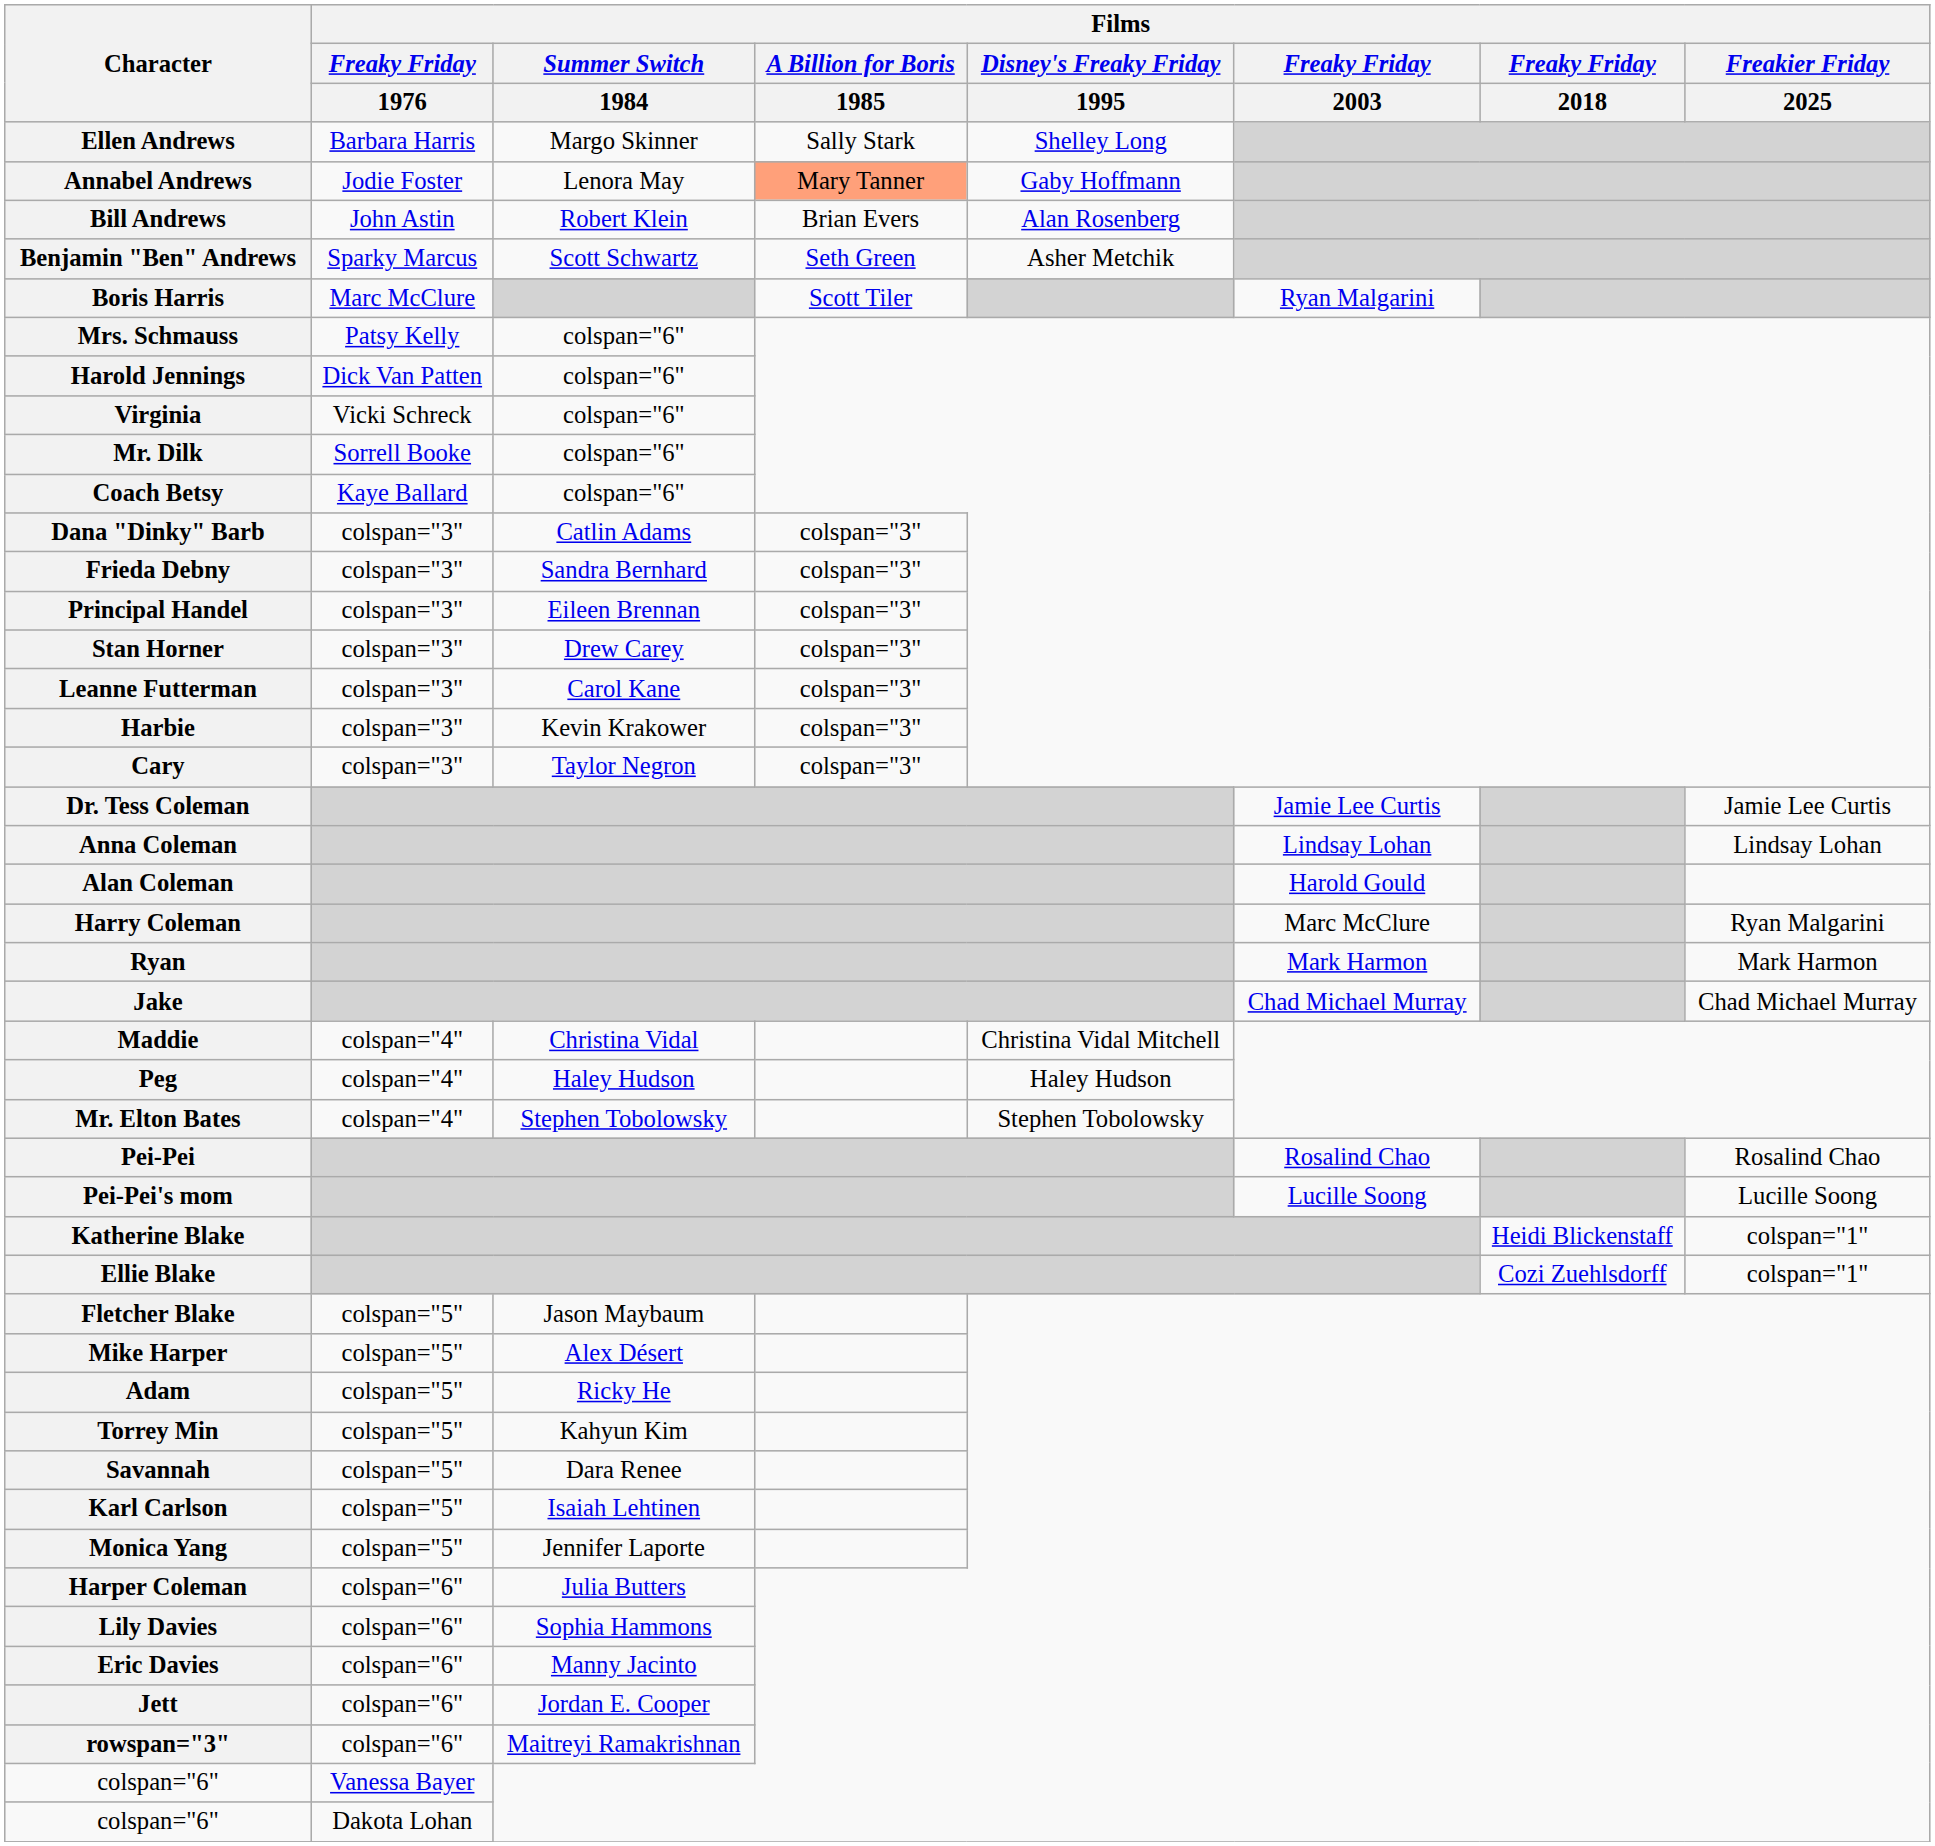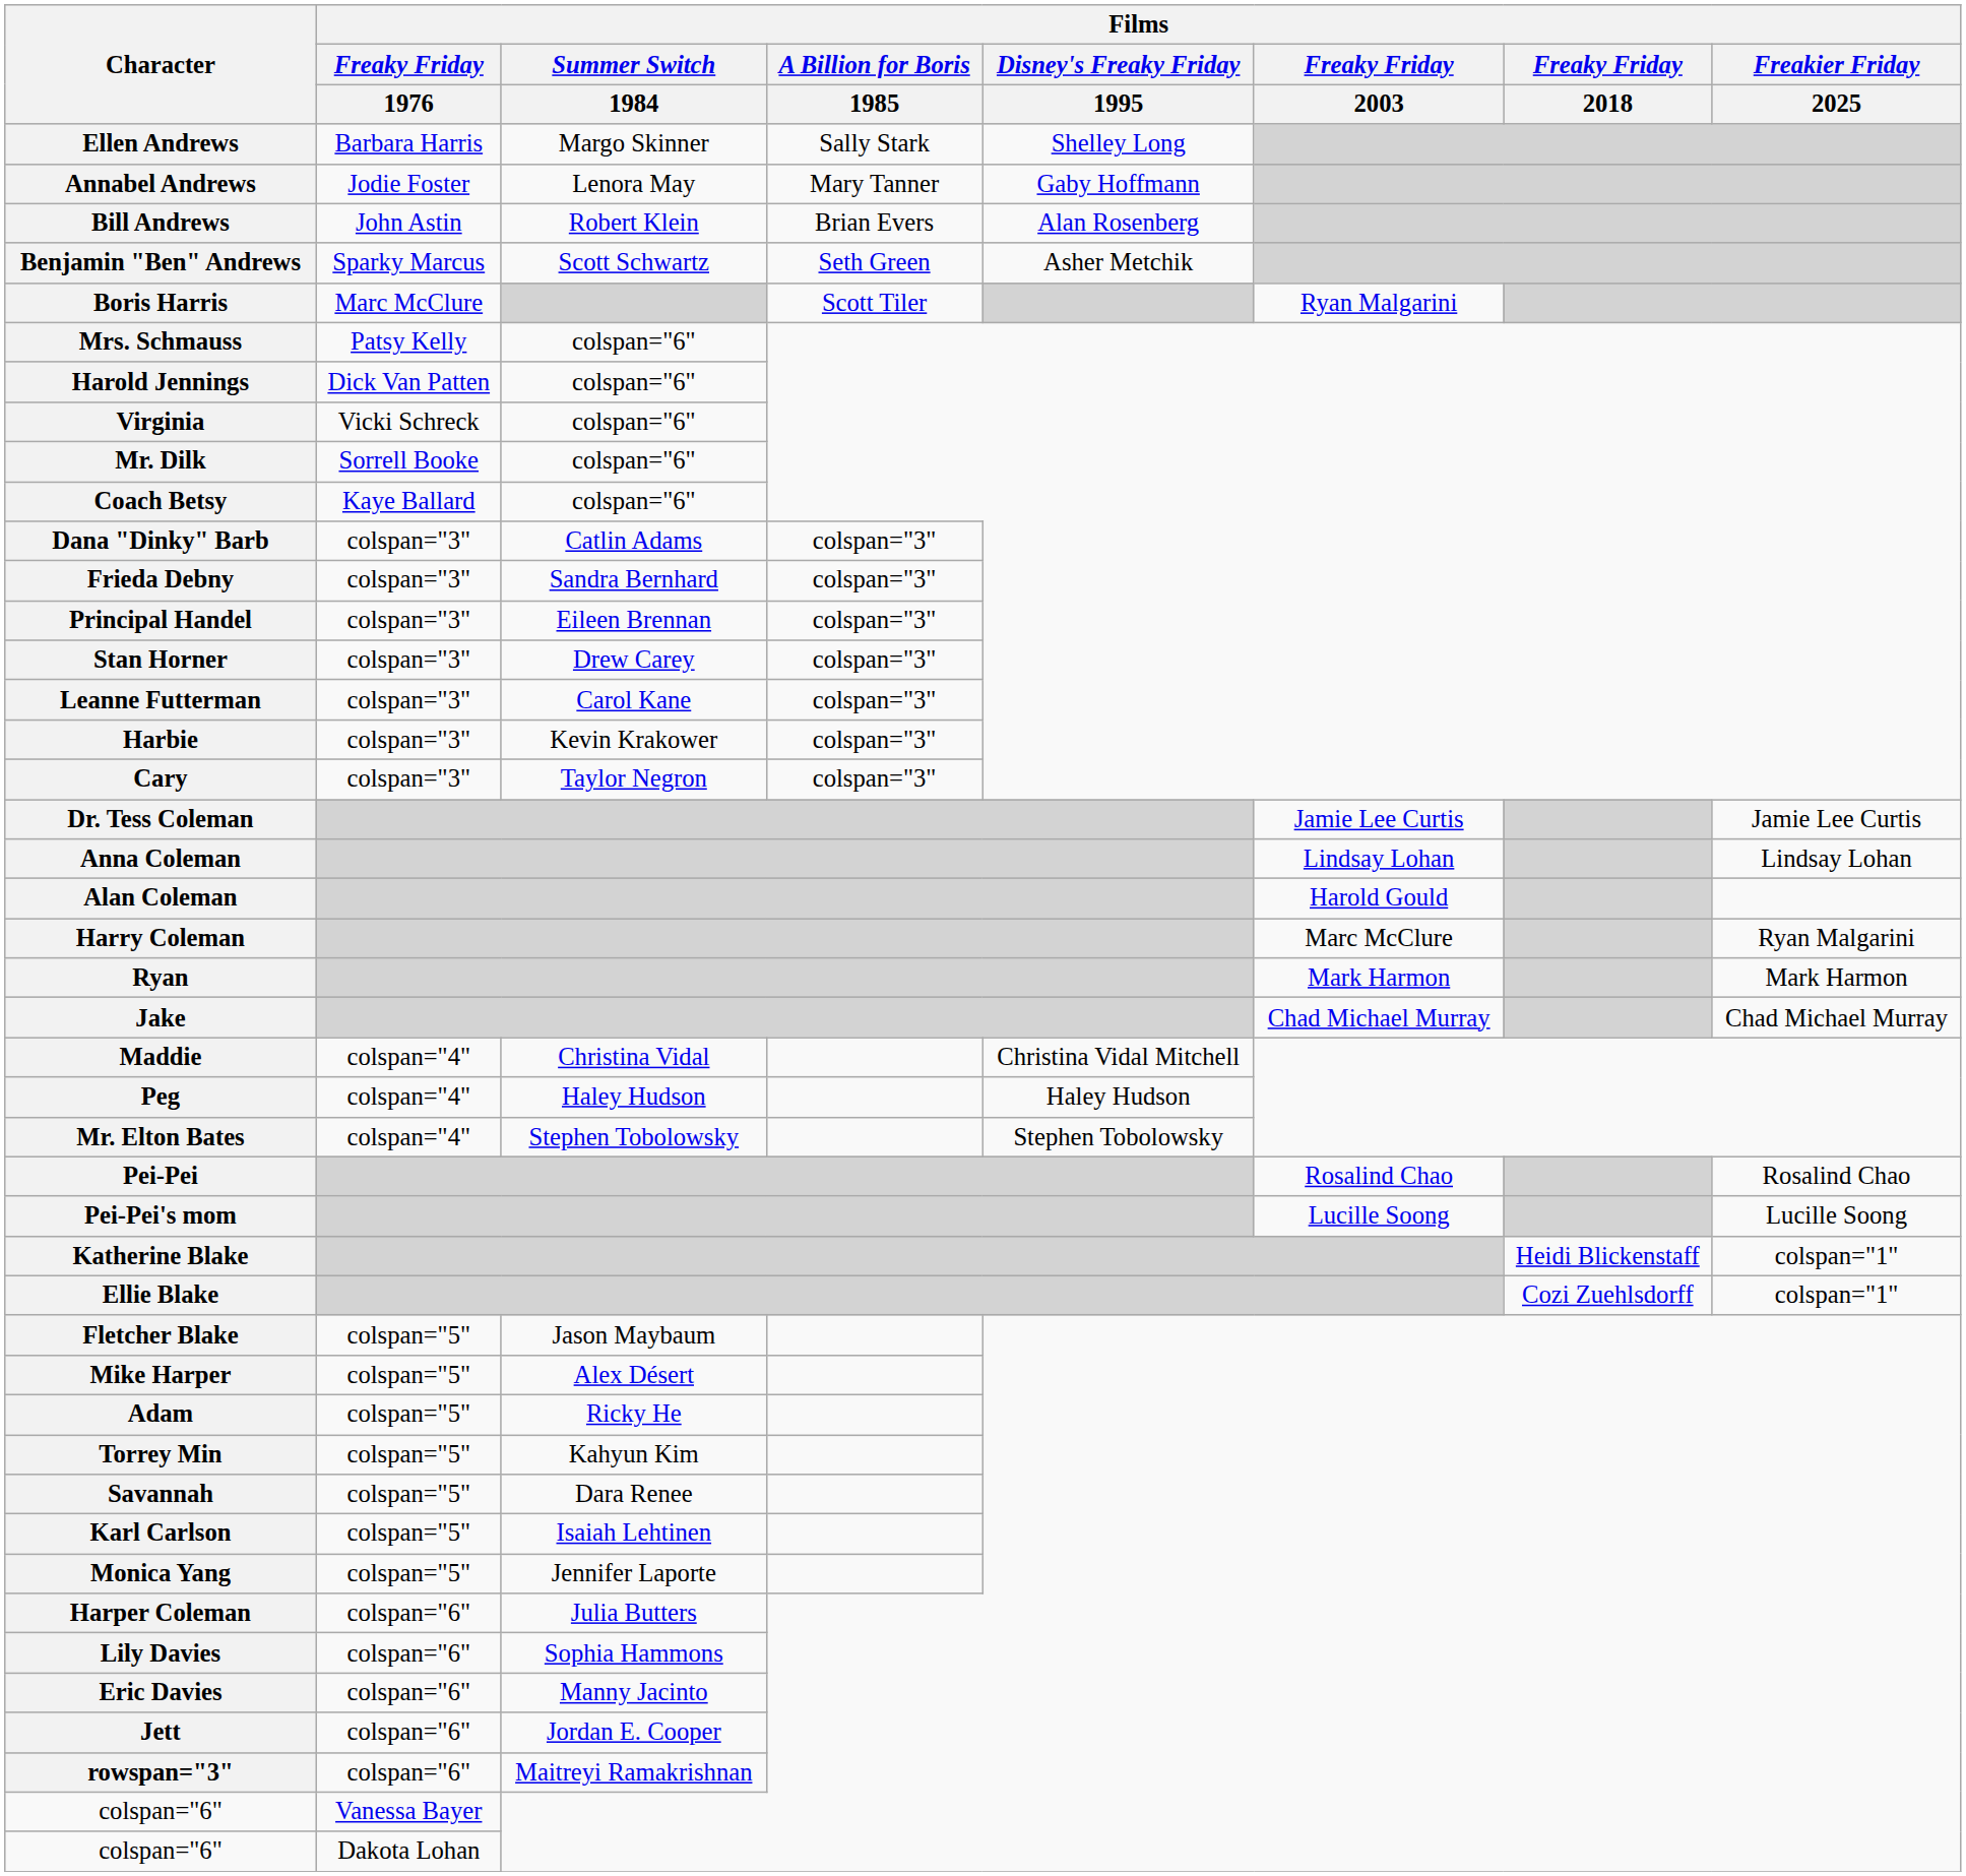 <table class="wikitable" style="text-align:center; width:99%;">
 <tr>
 <th rowspan="3">Character</th>
 <th colspan="7" style="text-align:center;">Films</th>
 </tr>
 <tr>
 <th style="text-align:center;"><em><a href='#'>Freaky Friday</a></em></th>
 <th style="text-align:center;"><em><a href='#'>Summer Switch</a></em></th>
 <th style="text-align:center;"><em><a href='#'>A Billion for Boris</a></em></th>
 <th style="text-align:center;"><em><a href='#'>Disney's Freaky Friday</a></em></th>
 <th style="text-align:center;"><em><a href='#'>Freaky Friday</a></em></th>
 <th style="text-align:center;"><em><a href='#'>Freaky Friday</a></em></th>
 <th style="text-align:center;"><em><a href='#'>Freakier Friday</a></em></th>
 </tr>
 <tr>
 <th>1976</th>
 <th>1984</th>
 <th>1985</th>
 <th>1995</th>
 <th>2003</th>
 <th>2018</th>
 <th>2025</th>
 </tr>
 <tr>
 <th scope="row">Ellen Andrews</th>
 <td><a href='#'>Barbara Harris</a></td>
 <td>Margo Skinner</td>
 <td>Sally Stark</td>
 <td><a href='#'>Shelley Long</a></td>
 <td colspan="3" style="background:lightgrey;"> </td>
 </tr>
 <tr>
 <th scope="row">Annabel Andrews</th>
 <td><a href='#'>Jodie Foster</a></td>
 <td>Lenora May</td>
-<td style="background: lightsalmon;">Mary Tanner</td>
+<td>Mary Tanner</td>
 <td><a href='#'>Gaby Hoffmann</a></td>
 <td colspan="3" style="background:lightgrey;"> </td>
 </tr>
 <tr>
 <th scope="row">Bill Andrews</th>
 <td><a href='#'>John Astin</a></td>
 <td><a href='#'>Robert Klein</a></td>
 <td>Brian Evers</td>
 <td><a href='#'>Alan Rosenberg</a></td>
 <td colspan="3" style="background:lightgrey;"> </td>
 </tr>
 <tr>
 <th scope="row">Benjamin "Ben" Andrews</th>
 <td><a href='#'>Sparky Marcus</a></td>
 <td><a href='#'>Scott Schwartz</a></td>
 <td><a href='#'>Seth Green</a></td>
 <td>Asher Metchik</td>
 <td colspan="3" style="background:lightgrey;"> </td>
 </tr>
 <tr>
 <th scope="row">Boris Harris</th>
 <td><a href='#'>Marc McClure</a></td>
 <td style="background:lightgrey;"> </td>
 <td><a href='#'>Scott Tiler</a></td>
 <td style="background:lightgrey;"> </td>
 <td><a href='#'>Ryan Malgarini</a></td>
 <td colspan="2" style="background:lightgrey;"> </td>
 </tr>
 <tr>
 <th>Mrs. Schmauss</th>
 <td><a href='#'>Patsy Kelly</a></td>
 <td>colspan="6" </td>
 </tr>
 <tr>
 <th>Harold Jennings</th>
 <td><a href='#'>Dick Van Patten</a></td>
 <td>colspan="6" </td>
 </tr>
 <tr>
 <th>Virginia</th>
 <td>Vicki Schreck</td>
 <td>colspan="6" </td>
 </tr>
 <tr>
 <th>Mr. Dilk</th>
 <td><a href='#'>Sorrell Booke</a></td>
 <td>colspan="6" </td>
 </tr>
 <tr>
 <th>Coach Betsy</th>
 <td><a href='#'>Kaye Ballard</a></td>
 <td>colspan="6" </td>
 </tr>
 <tr>
 <th>Dana "Dinky" Barb</th>
 <td>colspan="3" </td>
 <td><a href='#'>Catlin Adams</a></td>
 <td>colspan="3" </td>
 </tr>
 <tr>
 <th>Frieda Debny</th>
 <td>colspan="3" </td>
 <td><a href='#'>Sandra Bernhard</a></td>
 <td>colspan="3" </td>
 </tr>
 <tr>
 <th>Principal Handel</th>
 <td>colspan="3" </td>
 <td><a href='#'>Eileen Brennan</a></td>
 <td>colspan="3" </td>
 </tr>
 <tr>
 <th>Stan Horner</th>
 <td>colspan="3" </td>
 <td><a href='#'>Drew Carey</a></td>
 <td>colspan="3" </td>
 </tr>
 <tr>
 <th>Leanne Futterman</th>
 <td>colspan="3" </td>
 <td><a href='#'>Carol Kane</a></td>
 <td>colspan="3" </td>
 </tr>
 <tr>
 <th>Harbie</th>
 <td>colspan="3" </td>
 <td>Kevin Krakower</td>
 <td>colspan="3" </td>
 </tr>
 <tr>
 <th>Cary</th>
 <td>colspan="3" </td>
 <td><a href='#'>Taylor Negron</a></td>
 <td>colspan="3" </td>
 </tr>
 <tr>
 <th scope="row">Dr. Tess Coleman</th>
 <td colspan="4" style="background:lightgrey;"> </td>
 <td><a href='#'>Jamie Lee Curtis</a></td>
 <td style="background:lightgrey;"> </td>
 <td>Jamie Lee Curtis</td>
 </tr>
 <tr>
 <th scope="row">Anna Coleman</th>
 <td colspan="4" style="background:lightgrey;"> </td>
 <td><a href='#'>Lindsay Lohan</a></td>
 <td style="background:lightgrey;"> </td>
 <td>Lindsay Lohan</td>
 </tr>
 <tr>
 <th scope="row">Alan Coleman</th>
 <td colspan="4" style="background:lightgrey;"> </td>
 <td><a href='#'>Harold Gould</a></td>
 <td style="background:lightgrey;"> </td>
 <td></td>
 </tr>
 <tr>
 <th scope="row">Harry Coleman</th>
 <td colspan="4" style="background:lightgrey;"> </td>
 <td>Marc McClure</td>
 <td style="background:lightgrey;"> </td>
 <td>Ryan Malgarini</td>
 </tr>
 <tr>
 <th scope="row">Ryan</th>
 <td colspan="4" style="background:lightgrey;"> </td>
 <td><a href='#'>Mark Harmon</a></td>
 <td style="background:lightgrey;"> </td>
 <td>Mark Harmon</td>
 </tr>
 <tr>
 <th scope="row">Jake</th>
 <td colspan="4" style="background:lightgrey;"> </td>
 <td><a href='#'>Chad Michael Murray</a></td>
 <td style="background:lightgrey;"> </td>
 <td>Chad Michael Murray</td>
 </tr>
 <tr>
 <th>Maddie</th>
 <td>colspan="4" </td>
 <td><a href='#'>Christina Vidal</a></td>
 <td></td>
 <td>Christina Vidal Mitchell</td>
 </tr>
 <tr>
 <th>Peg</th>
 <td>colspan="4" </td>
 <td><a href='#'>Haley Hudson</a></td>
 <td></td>
 <td>Haley Hudson</td>
 </tr>
 <tr>
 <th>Mr. Elton Bates</th>
 <td>colspan="4" </td>
 <td><a href='#'>Stephen Tobolowsky</a></td>
 <td></td>
 <td>Stephen Tobolowsky</td>
 </tr>
 <tr>
 <th scope="row">Pei-Pei</th>
 <td colspan="4" style="background:lightgrey;"> </td>
 <td><a href='#'>Rosalind Chao</a></td>
 <td style="background:lightgrey;"> </td>
 <td>Rosalind Chao</td>
 </tr>
 <tr>
 <th scope="row">Pei-Pei's mom</th>
 <td colspan="4" style="background:lightgrey;"> </td>
 <td><a href='#'>Lucille Soong</a></td>
 <td style="background:lightgrey;"> </td>
 <td>Lucille Soong</td>
 </tr>
 <tr>
 <th scope="row">Katherine Blake</th>
 <td colspan="5" style="background:lightgrey;"> </td>
 <td><a href='#'>Heidi Blickenstaff</a></td>
 <td>colspan="1" </td>
 </tr>
 <tr>
 <th scope="row">Ellie Blake</th>
 <td colspan="5" style="background:lightgrey;"> </td>
 <td><a href='#'>Cozi Zuehlsdorff</a></td>
 <td>colspan="1" </td>
 </tr>
 <tr>
 <th>Fletcher Blake</th>
 <td>colspan="5" </td>
 <td>Jason Maybaum</td>
 <td></td>
 </tr>
 <tr>
 <th>Mike Harper</th>
 <td>colspan="5" </td>
 <td><a href='#'>Alex Désert</a></td>
 <td></td>
 </tr>
 <tr>
 <th>Adam</th>
 <td>colspan="5" </td>
 <td><a href='#'>Ricky He</a></td>
 <td></td>
 </tr>
 <tr>
 <th>Torrey Min</th>
 <td>colspan="5" </td>
 <td>Kahyun Kim</td>
 <td></td>
 </tr>
 <tr>
 <th>Savannah</th>
 <td>colspan="5" </td>
 <td>Dara Renee</td>
 <td></td>
 </tr>
 <tr>
 <th>Karl Carlson</th>
 <td>colspan="5" </td>
 <td><a href='#'>Isaiah Lehtinen</a></td>
 <td></td>
 </tr>
 <tr>
 <th>Monica Yang</th>
 <td>colspan="5" </td>
 <td>Jennifer Laporte</td>
 <td></td>
 </tr>
 <tr>
 <th>Harper Coleman</th>
 <td>colspan="6" </td>
 <td><a href='#'>Julia Butters</a></td>
 </tr>
 <tr>
 <th>Lily Davies</th>
 <td>colspan="6" </td>
 <td><a href='#'>Sophia Hammons</a></td>
 </tr>
 <tr>
 <th>Eric Davies</th>
 <td>colspan="6" </td>
 <td><a href='#'>Manny Jacinto</a></td>
 </tr>
 <tr>
 <th>Jett</th>
 <td>colspan="6" </td>
 <td><a href='#'>Jordan E. Cooper</a></td>
 </tr>
 <tr>
 <th>rowspan="3" </th>
 <td>colspan="6" </td>
 <td><a href='#'>Maitreyi Ramakrishnan</a></td>
 </tr>
 <tr>
 <td>colspan="6" </td>
 <td><a href='#'>Vanessa Bayer</a></td>
 </tr>
 <tr>
 <td>colspan="6" </td>
 <td>Dakota Lohan</td>
 </tr>
 <tr>
 </tr>
 </table>
